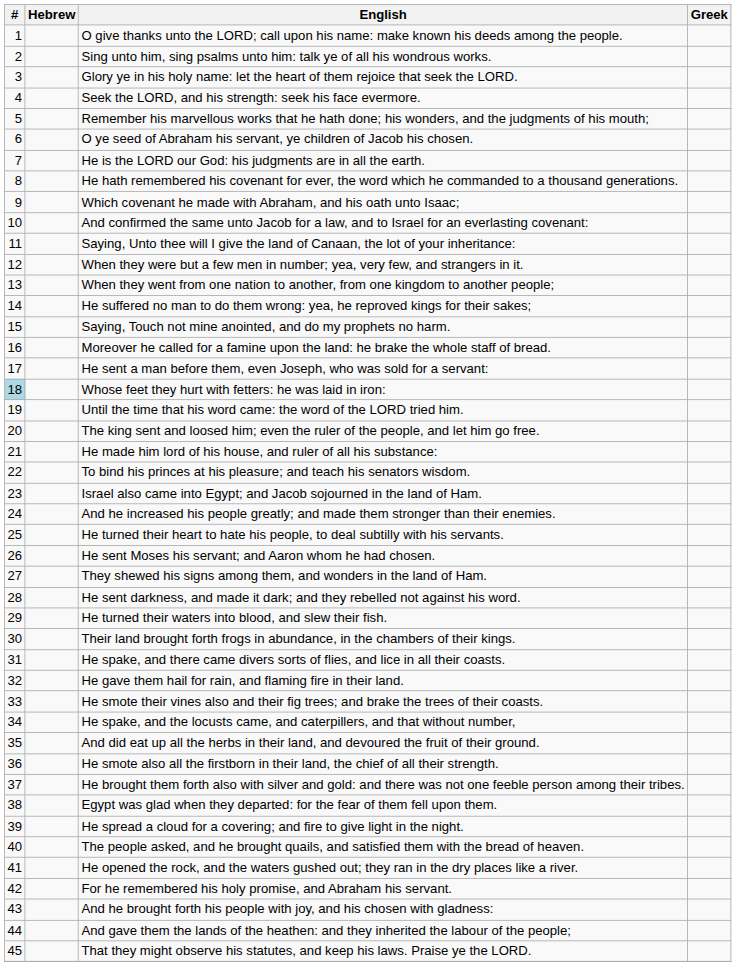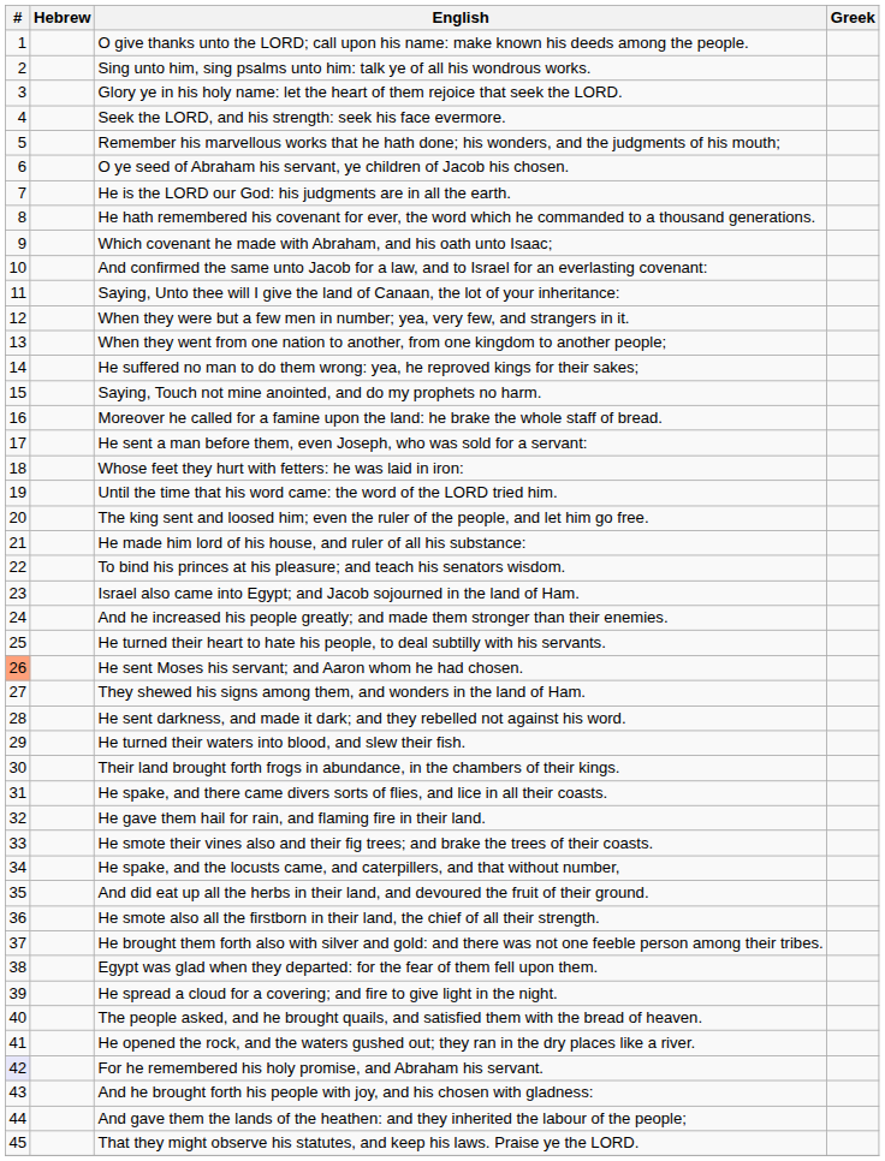 <table class=wikitable>
 <tr>
 <th>#</th>
 <th>Hebrew</th>
 <th>English</th>
 <th>Greek</th>
 </tr>
 <tr>
 <td style="text-align:right">1</td>
 <td style="text-align:right"></td>
 <td>O give thanks unto the LORD; call upon his name: make known his deeds among the people.</td>
 <td></td>
 </tr>
 <tr>
 <td style="text-align:right">2</td>
 <td style="text-align:right"></td>
 <td>Sing unto him, sing psalms unto him: talk ye of all his wondrous works.</td>
 <td></td>
 </tr>
 <tr>
 <td style="text-align:right">3</td>
 <td style="text-align:right"></td>
 <td>Glory ye in his holy name: let the heart of them rejoice that seek the LORD.</td>
 <td></td>
 </tr>
 <tr>
 <td style="text-align:right">4</td>
 <td style="text-align:right"></td>
 <td>Seek the LORD, and his strength: seek his face evermore.</td>
 <td></td>
 </tr>
 <tr>
 <td style="text-align:right">5</td>
 <td style="text-align:right"></td>
 <td>Remember his marvellous works that he hath done; his wonders, and the judgments of his mouth;</td>
 <td></td>
 </tr>
 <tr>
 <td style="text-align:right">6</td>
 <td style="text-align:right"></td>
 <td>O ye seed of Abraham his servant, ye children of Jacob his chosen.</td>
 <td></td>
 </tr>
 <tr>
 <td style="text-align:right">7</td>
 <td style="text-align:right"></td>
 <td>He is the LORD our God: his judgments are in all the earth.</td>
 <td></td>
 </tr>
 <tr>
 <td style="text-align:right">8</td>
 <td style="text-align:right"></td>
 <td>He hath remembered his covenant for ever, the word which he commanded to a thousand generations.</td>
 <td></td>
 </tr>
 <tr>
 <td style="text-align:right">9</td>
 <td style="text-align:right"></td>
 <td>Which covenant he made with Abraham, and his oath unto Isaac;</td>
 <td></td>
 </tr>
 <tr>
 <td style="text-align:right">10</td>
 <td style="text-align:right"></td>
 <td>And confirmed the same unto Jacob for a law, and to Israel for an everlasting covenant:</td>
 <td></td>
 </tr>
 <tr>
 <td style="text-align:right">11</td>
 <td style="text-align:right"></td>
 <td>Saying, Unto thee will I give the land of Canaan, the lot of your inheritance:</td>
 <td></td>
 </tr>
 <tr>
 <td style="text-align:right">12</td>
 <td style="text-align:right"></td>
 <td>When they were but a few men in number; yea, very few, and strangers in it.</td>
 <td></td>
 </tr>
 <tr>
 <td style="text-align:right">13</td>
 <td style="text-align:right"></td>
 <td>When they went from one nation to another, from one kingdom to another people;</td>
 <td></td>
 </tr>
 <tr>
 <td style="text-align:right">14</td>
 <td style="text-align:right"></td>
 <td>He suffered no man to do them wrong: yea, he reproved kings for their sakes;</td>
 <td></td>
 </tr>
 <tr>
 <td style="text-align:right">15</td>
 <td style="text-align:right"></td>
 <td>Saying, Touch not mine anointed, and do my prophets no harm.</td>
 <td></td>
 </tr>
 <tr>
 <td style="text-align:right">16</td>
 <td style="text-align:right"></td>
 <td>Moreover he called for a famine upon the land: he brake the whole staff of bread.</td>
 <td></td>
 </tr>
 <tr>
 <td style="text-align:right">17</td>
 <td style="text-align:right"></td>
 <td>He sent a man before them, even Joseph, who was sold for a servant:</td>
 <td></td>
 </tr>
 <tr>
-<td style="background: lightblue; text-align:right">18</td>
+<td style="text-align:right">18</td>
 <td style="text-align:right"></td>
 <td>Whose feet they hurt with fetters: he was laid in iron:</td>
 <td></td>
 </tr>
 <tr>
 <td style="text-align:right">19</td>
 <td style="text-align:right"></td>
 <td>Until the time that his word came: the word of the LORD tried him.</td>
 <td></td>
 </tr>
 <tr>
 <td style="text-align:right">20</td>
 <td style="text-align:right"></td>
 <td>The king sent and loosed him; even the ruler of the people, and let him go free.</td>
 <td></td>
 </tr>
 <tr>
 <td style="text-align:right">21</td>
 <td style="text-align:right"></td>
 <td>He made him lord of his house, and ruler of all his substance:</td>
 <td></td>
 </tr>
 <tr>
 <td style="text-align:right">22</td>
 <td style="text-align:right"></td>
 <td>To bind his princes at his pleasure; and teach his senators wisdom.</td>
 <td></td>
 </tr>
 <tr>
 <td style="text-align:right">23</td>
 <td style="text-align:right"></td>
 <td>Israel also came into Egypt; and Jacob sojourned in the land of Ham.</td>
 <td></td>
 </tr>
 <tr>
 <td style="text-align:right">24</td>
 <td style="text-align:right"></td>
 <td>And he increased his people greatly; and made them stronger than their enemies.</td>
 <td></td>
 </tr>
 <tr>
 <td style="text-align:right">25</td>
 <td style="text-align:right"></td>
 <td>He turned their heart to hate his people, to deal subtilly with his servants.</td>
 <td></td>
 </tr>
 <tr>
-<td style="text-align:right">26</td>
+<td style="background: lightsalmon; text-align:right">26</td>
 <td style="text-align:right"></td>
 <td>He sent Moses his servant; and Aaron whom he had chosen.</td>
 <td></td>
 </tr>
 <tr>
 <td style="text-align:right">27</td>
 <td style="text-align:right"></td>
 <td>They shewed his signs among them, and wonders in the land of Ham.</td>
 <td></td>
 </tr>
 <tr>
 <td style="text-align:right">28</td>
 <td style="text-align:right"></td>
 <td>He sent darkness, and made it dark; and they rebelled not against his word.</td>
 <td></td>
 </tr>
 <tr>
 <td style="text-align:right">29</td>
 <td style="text-align:right"></td>
 <td>He turned their waters into blood, and slew their fish.</td>
 <td></td>
 </tr>
 <tr>
 <td style="text-align:right">30</td>
 <td style="text-align:right"></td>
 <td>Their land brought forth frogs in abundance, in the chambers of their kings.</td>
 <td></td>
 </tr>
 <tr>
 <td style="text-align:right">31</td>
 <td style="text-align:right"></td>
 <td>He spake, and there came divers sorts of flies, and lice in all their coasts.</td>
 <td></td>
 </tr>
 <tr>
 <td style="text-align:right">32</td>
 <td style="text-align:right"></td>
 <td>He gave them hail for rain, and flaming fire in their land.</td>
 <td></td>
 </tr>
 <tr>
 <td style="text-align:right">33</td>
 <td style="text-align:right"></td>
 <td>He smote their vines also and their fig trees; and brake the trees of their coasts.</td>
 <td></td>
 </tr>
 <tr>
 <td style="text-align:right">34</td>
 <td style="text-align:right"></td>
 <td>He spake, and the locusts came, and caterpillers, and that without number,</td>
 <td></td>
 </tr>
 <tr>
 <td style="text-align:right">35</td>
 <td style="text-align:right"></td>
 <td>And did eat up all the herbs in their land, and devoured the fruit of their ground.</td>
 <td></td>
 </tr>
 <tr>
 <td style="text-align:right">36</td>
 <td style="text-align:right"></td>
 <td>He smote also all the firstborn in their land, the chief of all their strength.</td>
 <td></td>
 </tr>
 <tr>
 <td style="text-align:right">37</td>
 <td style="text-align:right"></td>
 <td>He brought them forth also with silver and gold: and there was not one feeble person among their tribes.</td>
 <td></td>
 </tr>
 <tr>
 <td style="text-align:right">38</td>
 <td style="text-align:right"></td>
 <td>Egypt was glad when they departed: for the fear of them fell upon them.</td>
 <td></td>
 </tr>
 <tr>
 <td style="text-align:right">39</td>
 <td style="text-align:right"></td>
 <td>He spread a cloud for a covering; and fire to give light in the night.</td>
 <td></td>
 </tr>
 <tr>
 <td style="text-align:right">40</td>
 <td style="text-align:right"></td>
 <td>The people asked, and he brought quails, and satisfied them with the bread of heaven.</td>
 <td></td>
 </tr>
 <tr>
 <td style="text-align:right">41</td>
 <td style="text-align:right"></td>
 <td>He opened the rock, and the waters gushed out; they ran in the dry places like a river.</td>
 <td></td>
 </tr>
 <tr>
-<td style="text-align:right">42</td>
+<td style="background: lavender; text-align:right">42</td>
 <td style="text-align:right"></td>
 <td>For he remembered his holy promise, and Abraham his servant.</td>
 <td></td>
 </tr>
 <tr>
 <td style="text-align:right">43</td>
 <td style="text-align:right"></td>
 <td>And he brought forth his people with joy, and his chosen with gladness:</td>
 <td></td>
 </tr>
 <tr>
 <td style="text-align:right">44</td>
 <td style="text-align:right"></td>
 <td>And gave them the lands of the heathen: and they inherited the labour of the people;</td>
 <td></td>
 </tr>
 <tr>
 <td style="text-align:right">45</td>
 <td style="text-align:right"></td>
 <td>That they might observe his statutes, and keep his laws. Praise ye the LORD.</td>
 <td></td>
 </tr>
 <tr>
 </tr>
 </table>
